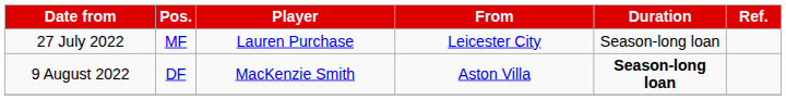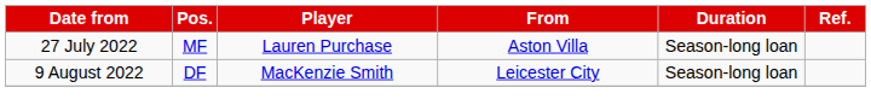 <table class="wikitable" style="text-align:center;">
 <tr>
 <th style="background:#DD0000; color:#FFFFFF; width:150px;">Date from</th>
 <th style="background:#DD0000; color:#FFFFFF; width:20px;">Pos.</th>
 <th style="background:#DD0000; color:#FFFFFF; width:200px;">Player</th>
 <th style="background:#DD0000; color:#FFFFFF; width:200px;">From</th>
 <th style="background:#DD0000; color:#FFFFFF; width:130px;">Duration</th>
 <th style="background:#DD0000; color:#FFFFFF; width:50px;">Ref.</th>
 </tr>
 <tr>
 <td>27 July 2022</td>
 <td><a href='#'>MF</a></td>
 <td><a href='#'>Lauren Purchase</a></td>
-<td><a href='#'>Leicester City</a></td>
+<td><a href='#'>Aston Villa</a></td>
 <td>Season-long loan</td>
 <td></td>
 </tr>
 <tr>
 <td>9 August 2022</td>
 <td><a href='#'>DF</a></td>
 <td><a href='#'>MacKenzie Smith</a></td>
-<td><a href='#'>Aston Villa</a></td>
-<td><strong>Season-long loan</strong></td>
+<td><a href='#'>Leicester City</a></td>
+<td>Season-long loan</td>
 <td></td>
 </tr>
 <tr>
 </tr>
 </table>
